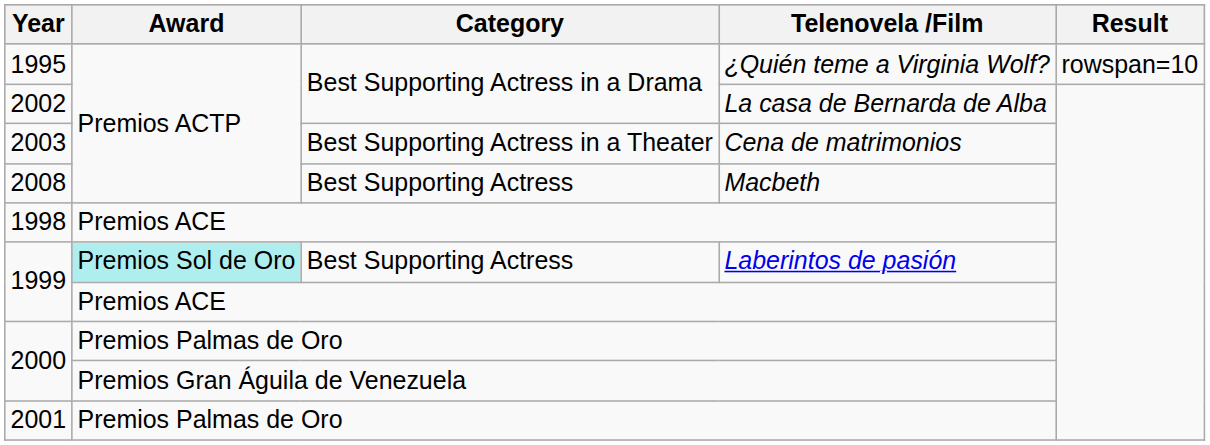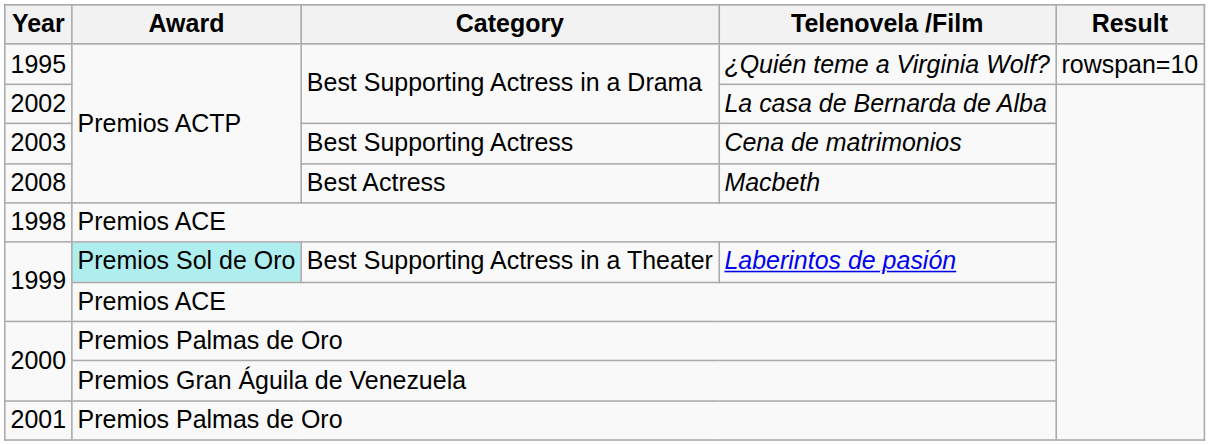 <table class="wikitable">
 <tr style="background:#b0c4de;">
 <th>Year</th>
 <th>Award</th>
 <th>Category</th>
 <th>Telenovela /Film</th>
 <th>Result</th>
 </tr>
 <tr>
 <td>1995</td>
 <td rowspan=4>Premios ACTP</td>
 <td rowspan=2>Best Supporting Actress in a Drama</td>
 <td><em>¿Quién teme a Virginia Wolf?</em></td>
 <td>rowspan=10 </td>
 </tr>
 <tr>
 <td>2002</td>
 <td><em>La casa de Bernarda de Alba</em></td>
 </tr>
 <tr>
 <td>2003</td>
-<td>Best Supporting Actress in a Theater</td>
+<td>Best Supporting Actress</td>
 <td><em>Cena de matrimonios </em></td>
 </tr>
 <tr>
 <td>2008</td>
-<td>Best Supporting Actress</td>
+<td>Best Actress</td>
 <td><em> Macbeth </em></td>
 </tr>
 <tr>
 <td>1998</td>
 <td colspan=3>Premios ACE</td>
 </tr>
 <tr>
 <td rowspan=2>1999</td>
 <td style="background: paleturquoise;">Premios Sol de Oro</td>
-<td>Best Supporting Actress</td>
+<td>Best Supporting Actress in a Theater</td>
 <td><em><a href='#'>Laberintos de pasión</a></em></td>
 </tr>
 <tr>
 <td colspan=3>Premios ACE</td>
 </tr>
 <tr>
 <td rowspan=2>2000</td>
 <td colspan=3>Premios Palmas de Oro</td>
 </tr>
 <tr>
 <td colspan=3>Premios Gran Águila de Venezuela</td>
 </tr>
 <tr>
 <td>2001</td>
 <td colspan=3>Premios Palmas de Oro</td>
 </tr>
 </table>
